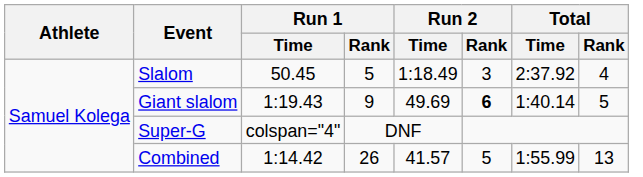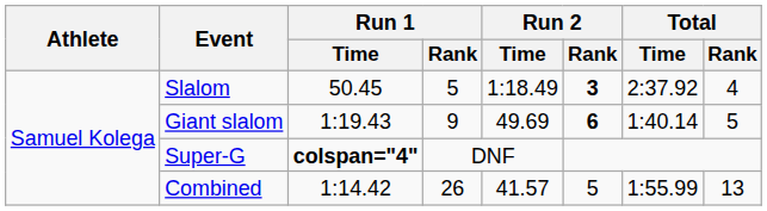 <table class="wikitable" style="font-size:90%">
 <tr>
 <th rowspan=2>Athlete</th>
 <th rowspan=2>Event</th>
 <th colspan=2>Run 1</th>
 <th colspan=2>Run 2</th>
 <th colspan=2>Total</th>
 </tr>
 <tr style="font-size:95%">
 <th>Time</th>
 <th>Rank</th>
 <th>Time</th>
 <th>Rank</th>
 <th>Time</th>
 <th>Rank</th>
 </tr>
 <tr align=center>
 <td align="left" rowspan="4"><a href='#'>Samuel Kolega</a></td>
 <td align="left"><a href='#'>Slalom</a></td>
 <td>50.45</td>
 <td>5</td>
 <td>1:18.49</td>
-<td>3</td>
+<td><strong>3</strong></td>
 <td>2:37.92</td>
 <td>4</td>
 </tr>
 <tr align=center>
 <td align="left"><a href='#'>Giant slalom</a></td>
 <td>1:19.43</td>
 <td>9</td>
 <td>49.69</td>
 <td><strong>6</strong></td>
 <td>1:40.14</td>
 <td>5</td>
 </tr>
 <tr align=center>
 <td align="left"><a href='#'>Super-G</a></td>
-<td>colspan="4" </td>
+<td><strong>colspan="4" </strong></td>
 <td colspan=2>DNF</td>
 </tr>
 <tr align=center>
 <td align="left"><a href='#'>Combined</a></td>
 <td>1:14.42</td>
 <td>26</td>
 <td>41.57</td>
 <td>5</td>
 <td>1:55.99</td>
 <td>13</td>
 </tr>
 </table>
